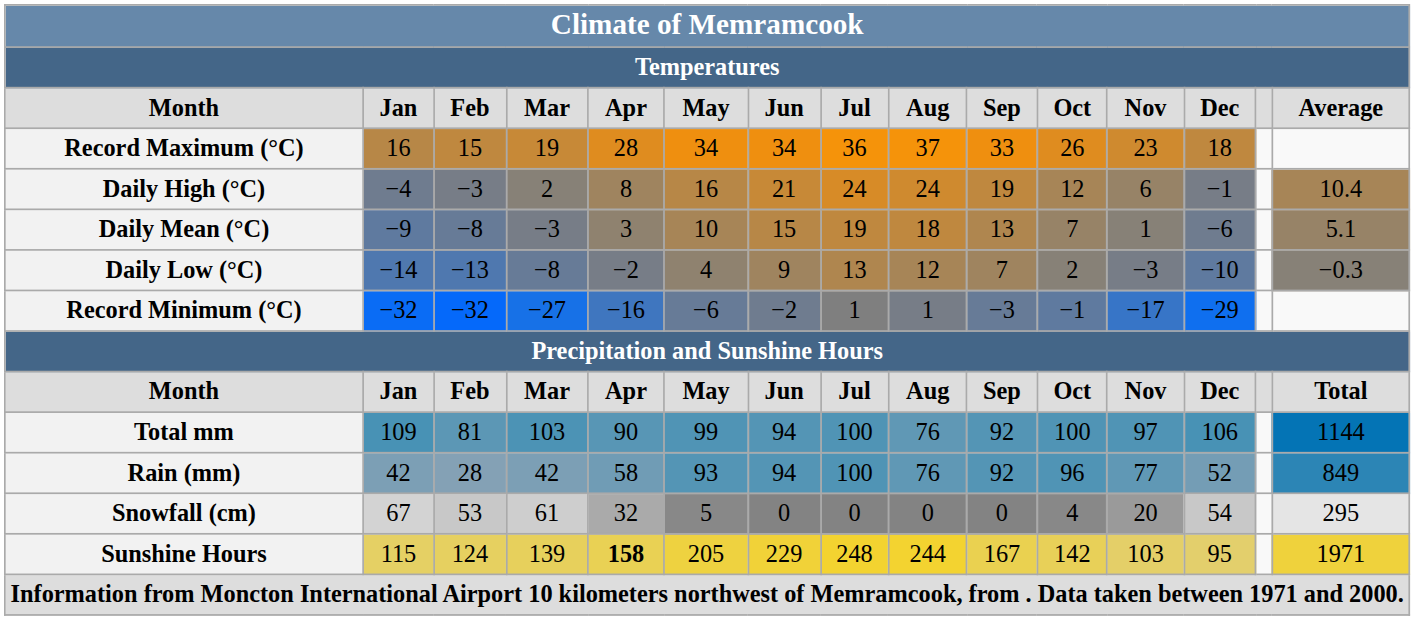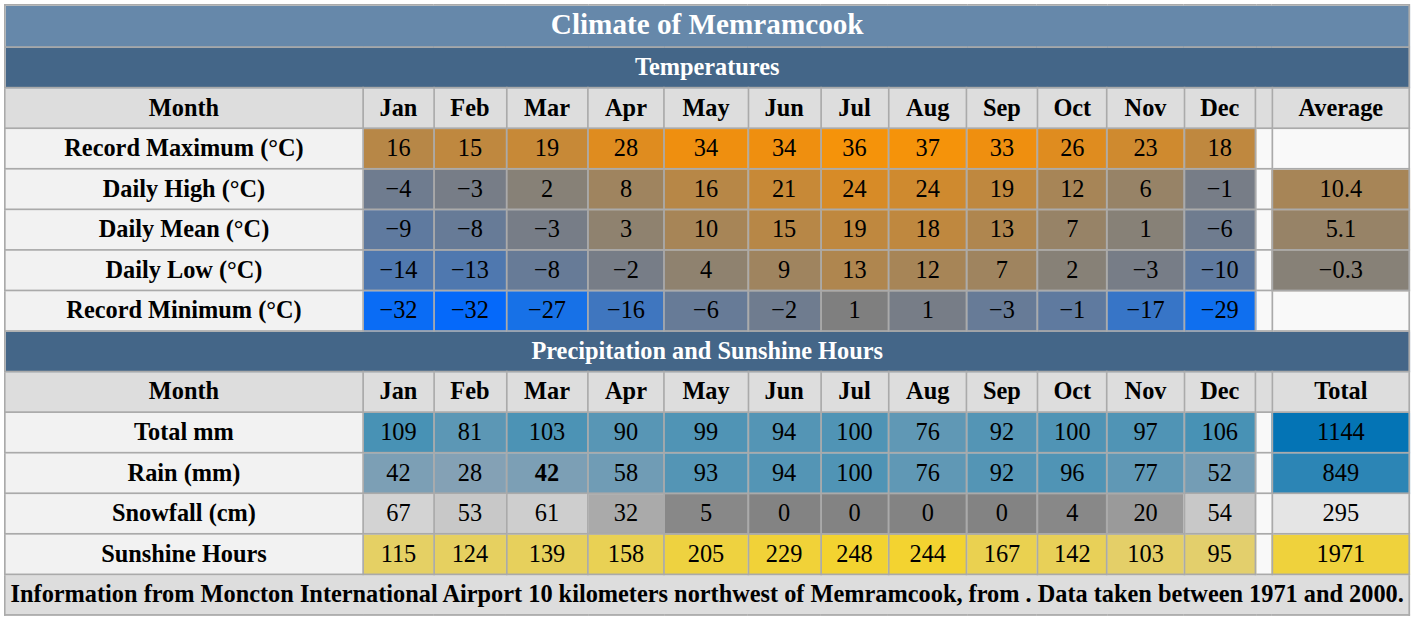 <table class="wikitable collapsible" style="font-size:90%; width:auto; border:0; text-align:center; line-height:120%;">
 <tr>
 <th colspan="15" style="background: #6688AA; color: white;"><big>Climate of Memramcook</big></th>
 </tr>
 <tr>
 <th colspan="15" style="background: #446688; color: white;">Temperatures</th>
 </tr>
 <tr>
 <th style="background:#ddd; height:16px;">Month</th>
 <th style="background:#ddd;">Jan</th>
 <th style="background:#ddd;">Feb</th>
 <th style="background:#ddd;">Mar</th>
 <th style="background:#ddd;">Apr</th>
 <th style="background:#ddd;">May</th>
 <th style="background:#ddd;">Jun</th>
 <th style="background:#ddd;">Jul</th>
 <th style="background:#ddd;">Aug</th>
 <th style="background:#ddd;">Sep</th>
 <th style="background:#ddd;">Oct</th>
 <th style="background:#ddd;">Nov</th>
 <th style="background:#ddd;">Dec</th>
 <th style="background:#ddd;"></th>
 <th style="background:#ddd;">Average</th>
 </tr>
 <tr>
 <th style="height:16px;">Record Maximum (°C)</th>
 <td style="background: #B78747; color: black;">16</td>
 <td style="background: #BF883F; color: black;">15</td>
 <td style="background: #C78937; color: black;">19</td>
 <td style="background: #DF8C1F; color: black;">28</td>
 <td style="background: #EF8F0F; color: black;">34</td>
 <td style="background: #EF8F0F; color: black;">34</td>
 <td style="background: #F5930A; color: black;">36</td>
 <td style="background: #F5930A; color: black;">37</td>
 <td style="background: #EF8F0F; color: black;">33</td>
 <td style="background: #DF8C1F; color: black;">26</td>
 <td style="background: #CF8A2F; color: black;">23</td>
 <td style="background: #BF883F; color: black;">18</td>
 <td></td>
 <td></td>
 </tr>
 <tr>
 <th style="height:16px;">Daily High (°C)</th>
 <td style="background: #6F7C8F; color: black;">−4</td>
 <td style="background: #777D87; color: black;">−3</td>
 <td style="background: #878177; color: black;">2</td>
 <td style="background: #9F845F; color: black;">8</td>
 <td style="background: #B78747; color: black;">16</td>
 <td style="background: #C78937; color: black;">21</td>
 <td style="background: #D78B27; color: black;">24</td>
 <td style="background: #CF8A2F; color: black;">24</td>
 <td style="background: #BF883F; color: black;">19</td>
 <td style="background: #A78557; color: black;">12</td>
 <td style="background: #978367; color: black;">6</td>
 <td style="background: #777D87; color: black;">−1</td>
 <td></td>
 <td style="background: #A78557; color: black;">10.4</td>
 </tr>
 <tr>
 <th style="height:16px;">Daily Mean (°C)</th>
 <td style="background: #5F7A9F; color: black;">−9</td>
 <td style="background: #677B97; color: black;">−8</td>
 <td style="background: #777D87; color: black;">−3</td>
 <td style="background: #8F826F; color: black;">3</td>
 <td style="background: #A78557; color: black;">10</td>
 <td style="background: #B78747; color: black;">15</td>
 <td style="background: #BF883F; color: black;">19</td>
 <td style="background: #BF883F; color: black;">18</td>
 <td style="background: #AF864F; color: black;">13</td>
 <td style="background: #978367; color: black;">7</td>
 <td style="background: #878177; color: black;">1</td>
 <td style="background: #6F7C8F; color: black;">−6</td>
 <td></td>
 <td style="background: #978367; color: black;">5.1</td>
 </tr>
 <tr>
 <th style="height:16px;">Daily Low (°C)</th>
 <td style="background: #4F78AF; color: black;">−14</td>
 <td style="background: #4F78AF; color: black;">−13</td>
 <td style="background: #677B97; color: black;">−8</td>
 <td style="background: #777D87; color: black;">−2</td>
 <td style="background: #8F826F; color: black;">4</td>
 <td style="background: #9F845F; color: black;">9</td>
 <td style="background: #AF864F; color: black;">13</td>
 <td style="background: #A78557; color: black;">12</td>
 <td style="background: #9F845F; color: black;">7</td>
 <td style="background: #878177; color: black;">2</td>
 <td style="background: #777D87; color: black;">−3</td>
 <td style="background: #5F7A9F; color: black;">−10</td>
 <td></td>
 <td style="background: #878177; color: black;">−0.3</td>
 </tr>
 <tr>
 <th style="height:16px;">Record Minimum (°C)</th>
 <td style="background: #0A6CF5; color: black;">−32</td>
 <td style="background: #0569FA; color: black;">−32</td>
 <td style="background: #1771E7; color: black;">−27</td>
 <td style="background: #3F76BF; color: black;">−16</td>
 <td style="background: #677B97; color: black;">−6</td>
 <td style="background: #6F7C8F; color: black;">−2</td>
 <td style="background: #7F7F7F; color: black;">1</td>
 <td style="background: #777D87; color: black;">1</td>
 <td style="background: #677B97; color: black;">−3</td>
 <td style="background: #5F7A9F; color: black;">−1</td>
 <td style="background: #3775C7; color: black;">−17</td>
 <td style="background: #0F6FEF; color: black;">−29</td>
 <td></td>
 <td style="background: #; color: black;"></td>
 </tr>
 <tr>
 <th colspan="15" style="background: #446688; color: white;">Precipitation and Sunshine Hours</th>
 </tr>
 <tr>
 <th style="background:#ddd; height:16px;">Month</th>
 <th style="background:#ddd;">Jan</th>
 <th style="background:#ddd;">Feb</th>
 <th style="background:#ddd;">Mar</th>
 <th style="background:#ddd;">Apr</th>
 <th style="background:#ddd;">May</th>
 <th style="background:#ddd;">Jun</th>
 <th style="background:#ddd;">Jul</th>
 <th style="background:#ddd;">Aug</th>
 <th style="background:#ddd;">Sep</th>
 <th style="background:#ddd;">Oct</th>
 <th style="background:#ddd;">Nov</th>
 <th style="background:#ddd;">Dec</th>
 <th style="background:#ddd;"></th>
 <th style="background:#ddd;">Total</th>
 </tr>
 <tr>
 <th style="height:16px;">Total mm</th>
 <td style="background: #4892B5; color: black;">109</td>
 <td style="background: #5C97B5; color: black;">81</td>
 <td style="background: #4C93B5; color: black;">103</td>
 <td style="background: #5896B5; color: black;">90</td>
 <td style="background: #5094B5; color: black;">99</td>
 <td style="background: #5495B5; color: black;">94</td>
 <td style="background: #5094B5; color: black;">100</td>
 <td style="background: #6098B5; color: black;">76</td>
 <td style="background: #5495B5; color: black;">92</td>
 <td style="background: #5094B5; color: black;">100</td>
 <td style="background: #5094B5; color: black;">97</td>
 <td style="background: #4892B5; color: black;">106</td>
 <td></td>
 <td style="background: #0474B5; color: black;">1144</td>
 </tr>
 <tr>
 <th style="height:16px;">Rain (mm)</th>
 <td style="background: #7C9FB5; color: black;">42</td>
 <td style="background: #84A1B5; color: black;">28</td>
-<td style="background: #7C9FB5; color: black;">42</td>
+<td style="background: #7C9FB5; color: black;"><strong>42</strong></td>
 <td style="background: #709CB5; color: black;">58</td>
 <td style="background: #5495B5; color: black;">93</td>
 <td style="background: #5495B5; color: black;">94</td>
 <td style="background: #5094B5; color: black;">100</td>
 <td style="background: #6098B5; color: black;">76</td>
 <td style="background: #5495B5; color: black;">92</td>
 <td style="background: #5094B5; color: black;">96</td>
 <td style="background: #6098B5; color: black;">77</td>
 <td style="background: #749DB5; color: black;">52</td>
 <td></td>
 <td style="background: #2C85B5; color: black;">849</td>
 </tr>
 <tr>
 <th style="height:16px;">Snowfall (cm)</th>
 <td style="background: #D3D3D3; color: black;">67</td>
 <td style="background: #C8C8C8; color: black;">53</td>
 <td style="background: #CECECE; color: black;">61</td>
 <td style="background:#aaa; color:black;">32</td>
 <td style="background: #888888; color: black;">5</td>
 <td style="background: #838383; color: black;">0</td>
 <td style="background: #838383; color: black;">0</td>
 <td style="background: #838383; color: black;">0</td>
 <td style="background: #838383; color: black;">0</td>
 <td style="background: #888888; color: black;">4</td>
 <td style="background: #9A9A9A; color: black;">20</td>
 <td style="background: #C8C8C8; color: black;">54</td>
 <td></td>
 <td style="background: #E5E5E5; color: black;">295</td>
 </tr>
 <tr>
 <th style="height:16px;">Sunshine Hours</th>
 <td style="background: #E5D064; color: black;">115</td>
 <td style="background: #E6D060; color: black;">124</td>
 <td style="background: #E7D05C; color: black;">139</td>
-<td style="background: #E9D154; color: black;"><strong>158</strong></td>
+<td style="background: #E9D154; color: black;">158</td>
 <td style="background: #EED240; color: black;">205</td>
 <td style="background: #F1D238; color: black;">229</td>
 <td style="background: #F3D330; color: black;">248</td>
 <td style="background: #F3D330; color: black;">244</td>
 <td style="background: #EAD150; color: black;">167</td>
 <td style="background: #E8D058; color: black;">142</td>
 <td style="background: #E4CF68; color: black;">103</td>
 <td style="background: #E3CF6C; color: black;">95</td>
 <td></td>
 <td style="background: #EFD23C; color: black;">1971</td>
 </tr>
 <tr>
 <th colspan="15" style="background:#ddd;">Information from Moncton International Airport 10 kilometers northwest of Memramcook, from . Data taken between 1971 and 2000.</th>
 </tr>
 </table>
